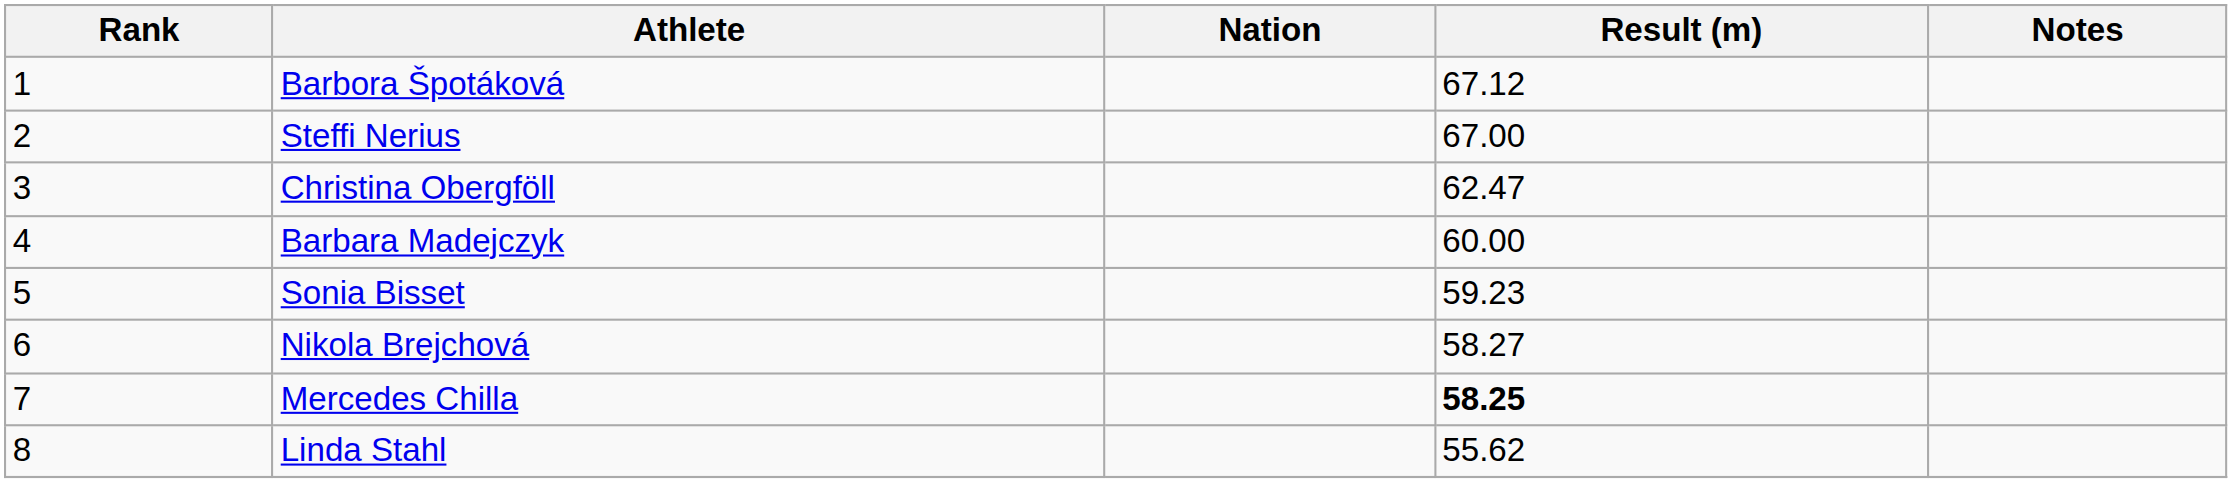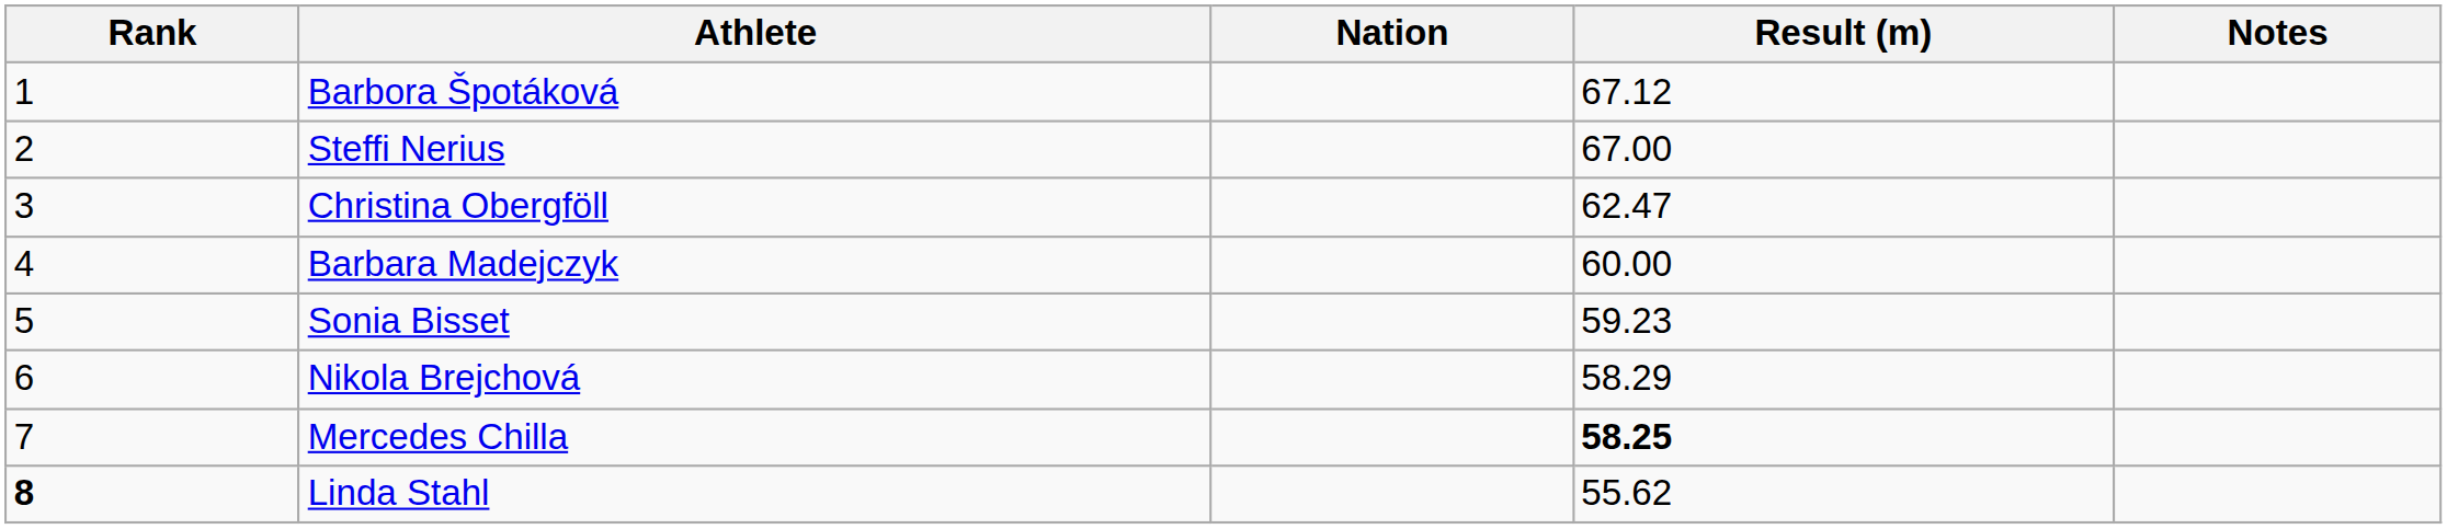 <table class="wikitable" style="text=align:center;" width=85%>
 <tr>
 <th>Rank</th>
 <th>Athlete</th>
 <th>Nation</th>
 <th>Result (m)</th>
 <th>Notes</th>
 </tr>
 <tr>
 <td>1</td>
 <td><a href='#'>Barbora Špotáková</a></td>
 <td></td>
 <td>67.12</td>
 <td></td>
 </tr>
 <tr>
 <td>2</td>
 <td><a href='#'>Steffi Nerius</a></td>
 <td></td>
 <td>67.00</td>
 <td></td>
 </tr>
 <tr>
 <td>3</td>
 <td><a href='#'>Christina Obergföll</a></td>
 <td></td>
 <td>62.47</td>
 <td></td>
 </tr>
 <tr>
 <td>4</td>
 <td><a href='#'>Barbara Madejczyk</a></td>
 <td></td>
 <td>60.00</td>
 <td></td>
 </tr>
 <tr>
 <td>5</td>
 <td><a href='#'>Sonia Bisset</a></td>
 <td></td>
 <td>59.23</td>
 <td></td>
 </tr>
 <tr>
 <td>6</td>
 <td><a href='#'>Nikola Brejchová</a></td>
 <td></td>
-<td>58.27</td>
+<td>58.29</td>
 <td></td>
 </tr>
 <tr>
 <td>7</td>
 <td><a href='#'>Mercedes Chilla</a></td>
 <td></td>
 <td><strong>58.25</strong></td>
 <td></td>
 </tr>
 <tr>
-<td>8</td>
+<td><strong>8</strong></td>
 <td><a href='#'>Linda Stahl</a></td>
 <td></td>
 <td>55.62</td>
 <td></td>
 </tr>
 <tr>
 </tr>
 </table>
